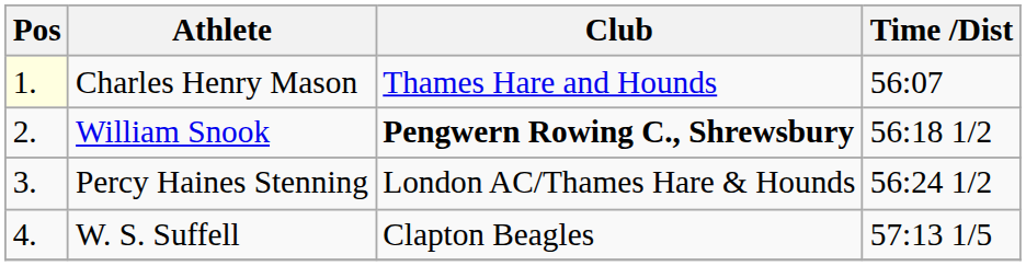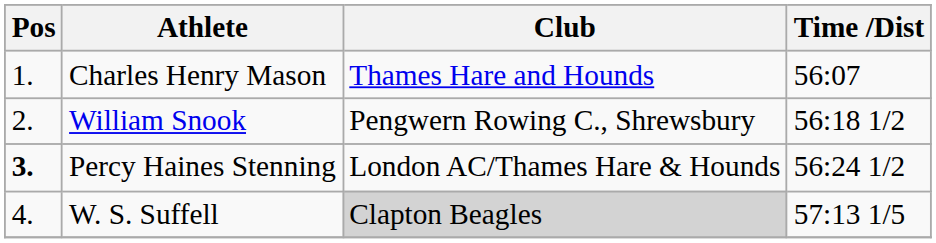 <table class="wikitable">
 <tr>
 <th>Pos</th>
 <th>Athlete</th>
 <th>Club</th>
 <th>Time /Dist</th>
 </tr>
 <tr>
-<td style="background: lightyellow;">1.</td>
+<td>1.</td>
 <td>Charles Henry Mason</td>
 <td><a href='#'>Thames Hare and Hounds</a></td>
 <td>56:07</td>
 </tr>
 <tr>
 <td>2.</td>
 <td><a href='#'>William Snook</a></td>
-<td><strong>Pengwern Rowing C., Shrewsbury</strong></td>
+<td>Pengwern Rowing C., Shrewsbury</td>
 <td>56:18 1/2</td>
 </tr>
 <tr>
-<td>3.</td>
+<td><strong>3.</strong></td>
 <td>Percy Haines Stenning</td>
 <td>London AC/Thames Hare & Hounds</td>
 <td>56:24 1/2</td>
 </tr>
 <tr>
 <td>4.</td>
 <td>W. S. Suffell</td>
-<td>Clapton Beagles</td>
+<td style="background: lightgrey;">Clapton Beagles</td>
 <td>57:13 1/5</td>
 </tr>
 <tr>
 </tr>
 </table>
